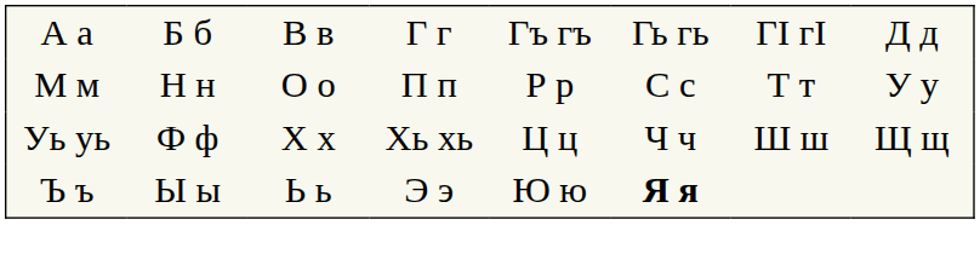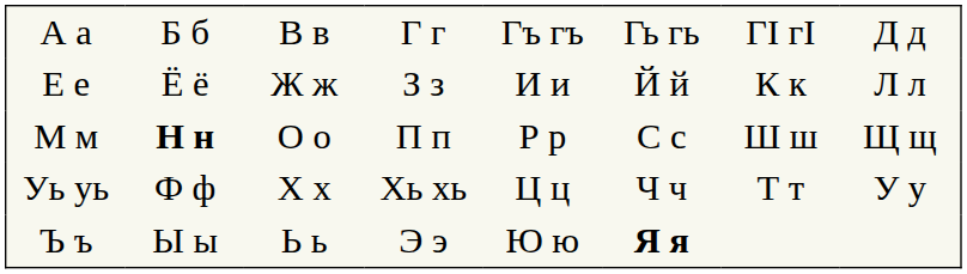 <table style="font-family:Arial Unicode MS; font-size:1.4em; border-color:#000000; border-width:1px; border-style:solid; border-collapse:collapse; background-color:#F8F8EF">
 <tr>
 <td style="width:3em; text-align:center; padding: 3px;">А а</td>
 <td style="width:3em; text-align:center; padding: 3px;">Б б</td>
 <td style="width:3em; text-align:center; padding: 3px;">В в</td>
 <td style="width:3em; text-align:center; padding: 3px;">Г г</td>
 <td style="width:3em; text-align:center; padding: 3px;">Гъ гъ</td>
 <td style="width:3em; text-align:center; padding: 3px;">Гь гь</td>
 <td style="width:3em; text-align:center; padding: 3px;">ГI гI</td>
 <td style="width:3em; text-align:center; padding: 3px;">Д д</td>
 </tr>
 <tr>
+<td style="width:3em; text-align:center; padding: 3px;">Е е</td>
+<td style="width:3em; text-align:center; padding: 3px;">Ё ё</td>
+<td style="width:3em; text-align:center; padding: 3px;">Ж ж</td>
+<td style="width:3em; text-align:center; padding: 3px;">З з</td>
+<td style="width:3em; text-align:center; padding: 3px;">И и</td>
+<td style="width:3em; text-align:center; padding: 3px;">Й й</td>
+<td style="width:3em; text-align:center; padding: 3px;">К к</td>
+<td style="width:3em; text-align:center; padding: 3px;">Л л</td>
+</tr>
+<tr>
 <td style="width:3em; text-align:center; padding: 3px;">М м</td>
-<td style="width:3em; text-align:center; padding: 3px;">Н н</td>
+<td style="width:3em; text-align:center; padding: 3px;"><strong>Н н</strong></td>
 <td style="width:3em; text-align:center; padding: 3px;">О о</td>
 <td style="width:3em; text-align:center; padding: 3px;">П п</td>
 <td style="width:3em; text-align:center; padding: 3px;">Р р</td>
 <td style="width:3em; text-align:center; padding: 3px;">С с</td>
-<td style="width:3em; text-align:center; padding: 3px;">Т т</td>
-<td style="width:3em; text-align:center; padding: 3px;">У у</td>
+<td style="width:3em; text-align:center; padding: 3px;">Ш ш</td>
+<td style="width:3em; text-align:center; padding: 3px;">Щ щ</td>
 </tr>
 <tr>
 <td style="width:3em; text-align:center; padding: 3px;">Уь уь</td>
 <td style="width:3em; text-align:center; padding: 3px;">Ф ф</td>
 <td style="width:3em; text-align:center; padding: 3px;">Х х</td>
 <td style="width:3em; text-align:center; padding: 3px;">Хь хь</td>
 <td style="width:3em; text-align:center; padding: 3px;">Ц ц</td>
 <td style="width:3em; text-align:center; padding: 3px;">Ч ч</td>
-<td style="width:3em; text-align:center; padding: 3px;">Ш ш</td>
-<td style="width:3em; text-align:center; padding: 3px;">Щ щ</td>
+<td style="width:3em; text-align:center; padding: 3px;">Т т</td>
+<td style="width:3em; text-align:center; padding: 3px;">У у</td>
 </tr>
 <tr>
 <td style="width:3em; text-align:center; padding: 3px;">Ъ ъ</td>
 <td style="width:3em; text-align:center; padding: 3px;">Ы ы</td>
 <td style="width:3em; text-align:center; padding: 3px;">Ь ь</td>
 <td style="width:3em; text-align:center; padding: 3px;">Э э</td>
 <td style="width:3em; text-align:center; padding: 3px;">Ю ю</td>
 <td style="width:3em; text-align:center; padding: 3px;"><strong>Я я</strong></td>
 </tr>
 </table>
